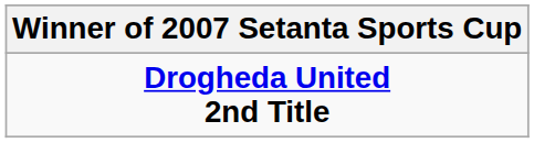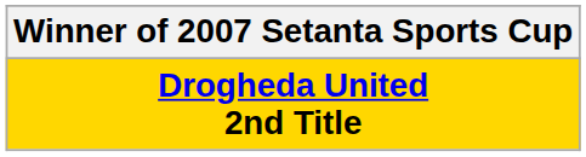 <table class="wikitable" style="text-align: center; margin: 0 auto;">
 <tr>
 <th>Winner of 2007 Setanta Sports Cup</th>
 </tr>
 <tr>
-<td> <strong><a href='#'>Drogheda United</a></strong><br><strong>2nd Title</strong></td>
+<td style="background: gold;"> <strong><a href='#'>Drogheda United</a></strong><br><strong>2nd Title</strong></td>
 </tr>
 </table>
